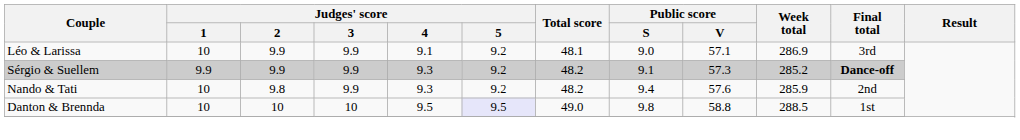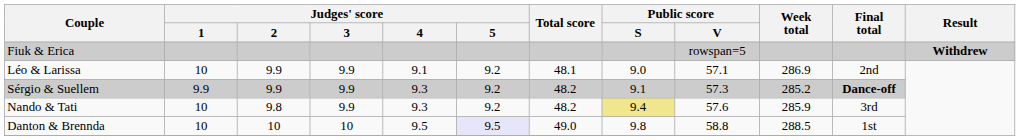 <table class="wikitable" style="font-size:100%; line-height:16px; text-align:center" width="100%">
 <tr>
 <th rowspan=2 width="11.0%">Couple</th>
 <th colspan=5 width="25.0%">Judges' score</th>
 <th rowspan=2 width="05.0%">Total score</th>
 <th colspan=2 width="10.0%">Public score</th>
 <th rowspan=2 width="05.0%">Week<br>total</th>
 <th rowspan=2 width="05.0%">Final<br>total</th>
 <th rowspan=2 width="07.5%">Result <br></th>
 </tr>
 <tr>
 <th width="05.0%">1</th>
 <th width="05.0%">2</th>
 <th width="05.0%">3</th>
 <th width="05.0%">4</th>
 <th width="05.0%">5</th>
 <th width="05.0%">S</th>
 <th width="05.0%">V</th>
 </tr>
+<tr bgcolor=CCCCCC>
+<td align="left">Fiuk & Erica</td>
+<td></td>
+<td></td>
+<td></td>
+<td></td>
+<td></td>
+<td></td>
+<td></td>
+<td>rowspan=5 </td>
+<td></td>
+<td></td>
+<td><strong>Withdrew</strong></td>
+</tr>
 <tr>
 <td align="left">Léo & Larissa</td>
 <td>10</td>
 <td>9.9</td>
 <td>9.9</td>
 <td>9.1</td>
 <td>9.2</td>
 <td>48.1</td>
 <td>9.0</td>
 <td>57.1</td>
 <td>286.9</td>
-<td>3rd</td>
+<td>2nd</td>
 </tr>
 <tr bgcolor=CCCCCC>
 <td align="left">Sérgio & Suellem</td>
 <td>9.9</td>
 <td>9.9</td>
 <td>9.9</td>
 <td>9.3</td>
 <td>9.2</td>
 <td>48.2</td>
 <td>9.1</td>
 <td>57.3</td>
 <td>285.2</td>
 <td><strong>Dance-off</strong></td>
 </tr>
 <tr>
 <td align="left">Nando & Tati</td>
 <td>10</td>
 <td>9.8</td>
 <td>9.9</td>
 <td>9.3</td>
 <td>9.2</td>
 <td>48.2</td>
-<td>9.4</td>
+<td style="background: khaki;">9.4</td>
 <td>57.6</td>
 <td>285.9</td>
-<td>2nd</td>
+<td>3rd</td>
 </tr>
 <tr>
 <td align="left">Danton & Brennda</td>
 <td>10</td>
 <td>10</td>
 <td>10</td>
 <td>9.5</td>
 <td style="background: lavender;">9.5</td>
 <td>49.0</td>
 <td>9.8</td>
 <td>58.8</td>
 <td>288.5</td>
 <td>1st</td>
 </tr>
 <tr>
 </tr>
 </table>
